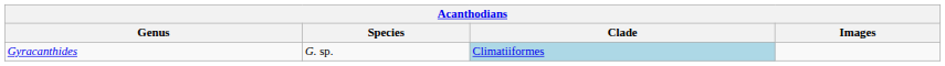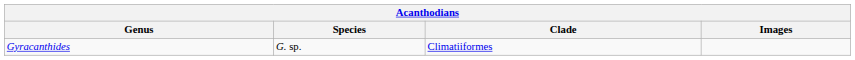 <table class="wikitable" align="center" width="100%">
 <tr>
 <th colspan="4" align="center"><strong><a href='#'>Acanthodians</a></strong></th>
 </tr>
 <tr>
 <th>Genus</th>
 <th>Species</th>
 <th>Clade</th>
 <th>Images</th>
 </tr>
 <tr>
 <td><em><a href='#'>Gyracanthides</a></em></td>
 <td><em>G.</em> sp.</td>
-<td style="background: lightblue;"><a href='#'>Climatiiformes</a></td>
+<td><a href='#'>Climatiiformes</a></td>
 <td></td>
 </tr>
 </table>
